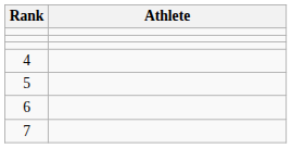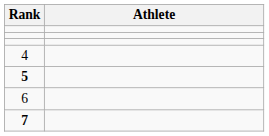 <table class="wikitable" style="text-align: center;">
 <tr>
 <th width=40>Rank</th>
 <th width=250>Athlete</th>
 </tr>
 <tr>
 <td></td>
 <td align="left"></td>
 </tr>
 <tr>
 <td></td>
 <td align="left"></td>
 </tr>
 <tr>
 <td></td>
 <td align="left"></td>
 </tr>
 <tr>
 <td>4</td>
 <td align="left"></td>
 </tr>
 <tr>
-<td>5</td>
+<td><strong>5</strong></td>
 <td align="left"></td>
 </tr>
 <tr>
 <td>6</td>
 <td align="left"></td>
 </tr>
 <tr>
-<td>7</td>
+<td><strong>7</strong></td>
 <td align="left"></td>
 </tr>
 </table>
